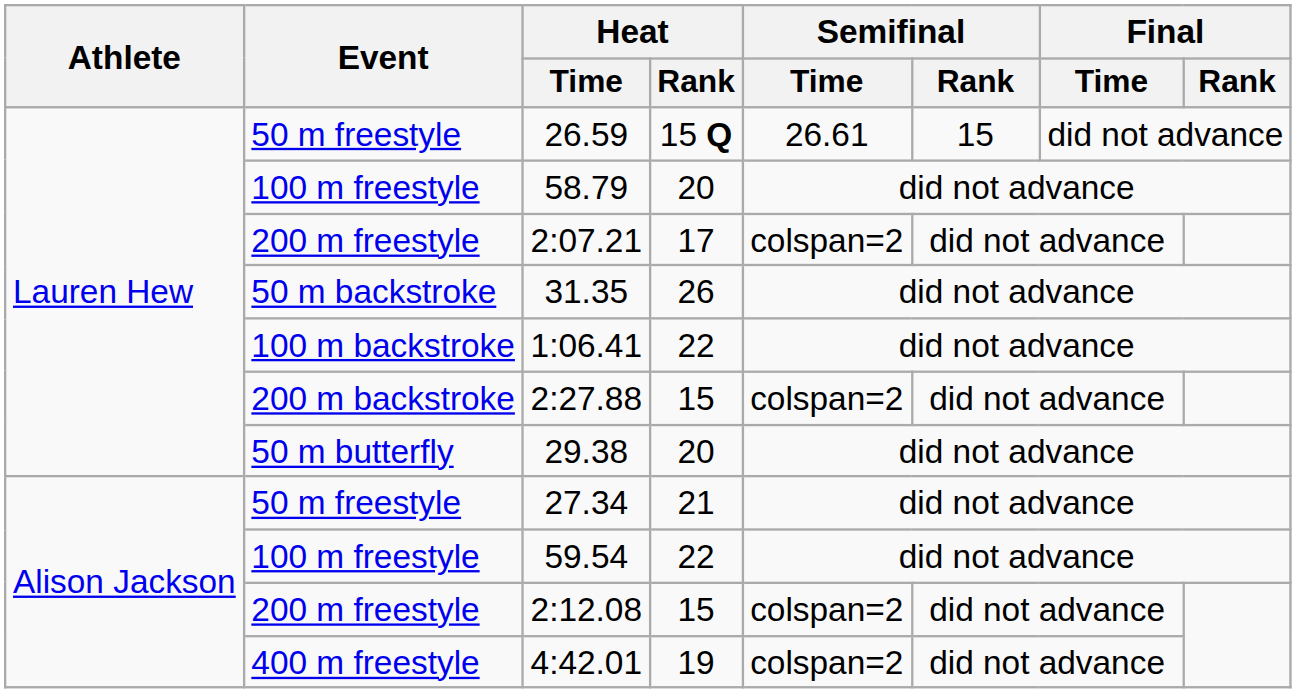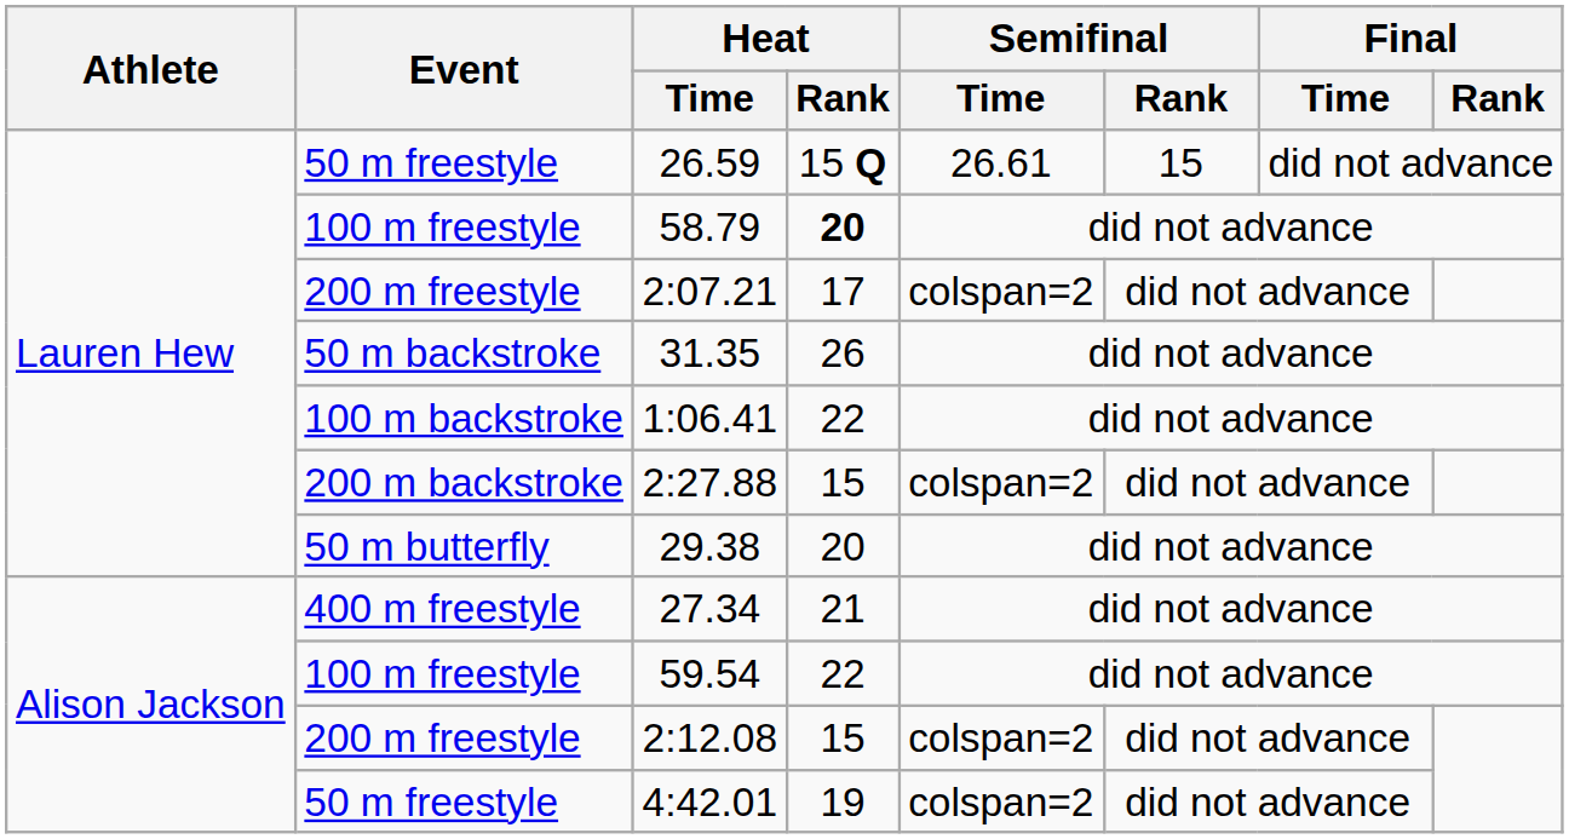 <table class=wikitable style=font-size:90%>
 <tr>
 <th rowspan=2>Athlete</th>
 <th rowspan=2>Event</th>
 <th colspan=2>Heat</th>
 <th colspan=2>Semifinal</th>
 <th colspan=2>Final</th>
 </tr>
 <tr style=font-size:95%>
 <th>Time</th>
 <th>Rank</th>
 <th>Time</th>
 <th>Rank</th>
 <th>Time</th>
 <th>Rank</th>
 </tr>
 <tr align=center>
 <td align=left rowspan=7><a href='#'>Lauren Hew</a></td>
 <td align=left><a href='#'>50 m freestyle</a></td>
 <td>26.59</td>
 <td>15 <strong>Q</strong></td>
 <td>26.61</td>
 <td>15</td>
 <td colspan=2>did not advance</td>
 </tr>
 <tr align=center>
 <td align=left><a href='#'>100 m freestyle</a></td>
 <td>58.79</td>
-<td>20</td>
+<td><strong>20</strong></td>
 <td colspan=4>did not advance</td>
 </tr>
 <tr align=center>
 <td align=left><a href='#'>200 m freestyle</a></td>
 <td>2:07.21</td>
 <td>17</td>
 <td>colspan=2 </td>
 <td colspan=2>did not advance</td>
 </tr>
 <tr align=center>
 <td align=left><a href='#'>50 m backstroke</a></td>
 <td>31.35</td>
 <td>26</td>
 <td colspan=4>did not advance</td>
 </tr>
 <tr align=center>
 <td align=left><a href='#'>100 m backstroke</a></td>
 <td>1:06.41</td>
 <td>22</td>
 <td colspan=4>did not advance</td>
 </tr>
 <tr align=center>
 <td align=left><a href='#'>200 m backstroke</a></td>
 <td>2:27.88</td>
 <td>15</td>
 <td>colspan=2 </td>
 <td colspan=2>did not advance</td>
 </tr>
 <tr align=center>
 <td align=left><a href='#'>50 m butterfly</a></td>
 <td>29.38</td>
 <td>20</td>
 <td colspan=4>did not advance</td>
 </tr>
 <tr align=center>
 <td align=left rowspan=4><a href='#'>Alison Jackson</a></td>
-<td align=left><a href='#'>50 m freestyle</a></td>
+<td align=left><a href='#'>400 m freestyle</a></td>
 <td>27.34</td>
 <td>21</td>
 <td colspan=4>did not advance</td>
 </tr>
 <tr align=center>
 <td align=left><a href='#'>100 m freestyle</a></td>
 <td>59.54</td>
 <td>22</td>
 <td colspan=4>did not advance</td>
 </tr>
 <tr align=center>
 <td align=left><a href='#'>200 m freestyle</a></td>
 <td>2:12.08</td>
 <td>15</td>
 <td>colspan=2 </td>
 <td colspan=2>did not advance</td>
 </tr>
 <tr align=center>
-<td align=left><a href='#'>400 m freestyle</a></td>
+<td align=left><a href='#'>50 m freestyle</a></td>
 <td>4:42.01</td>
 <td>19</td>
 <td>colspan=2 </td>
 <td colspan=2>did not advance</td>
 </tr>
 </table>
